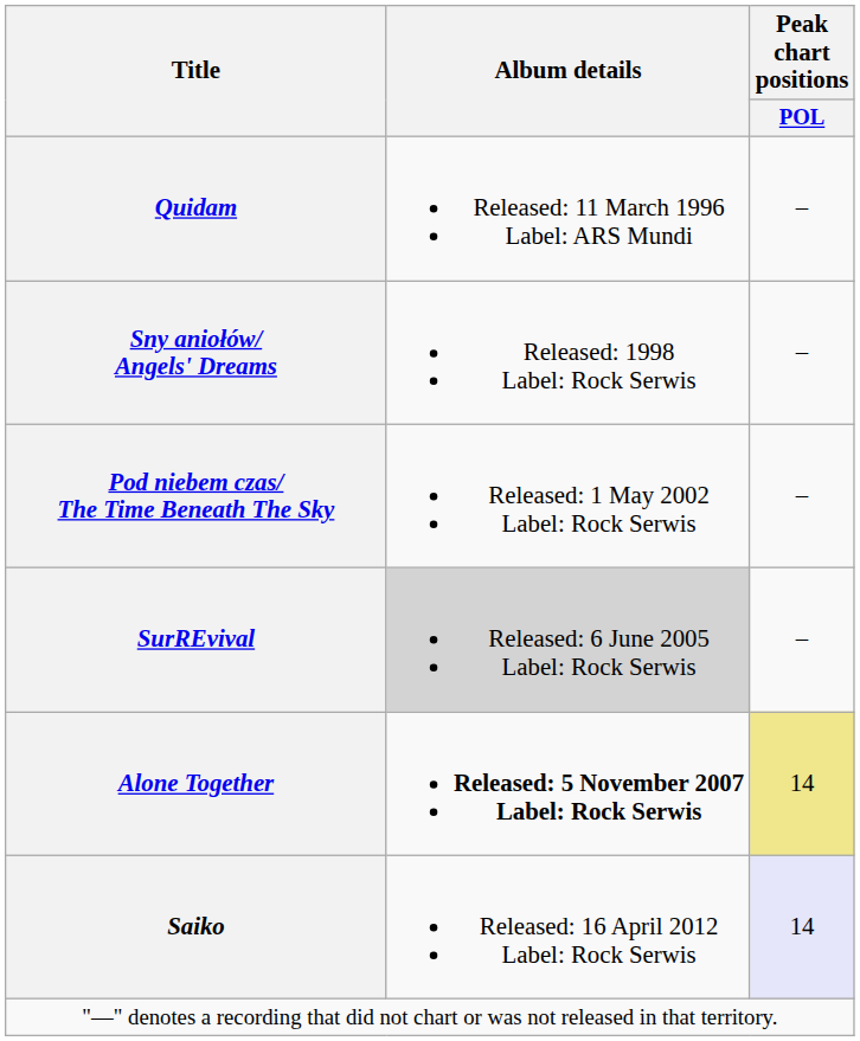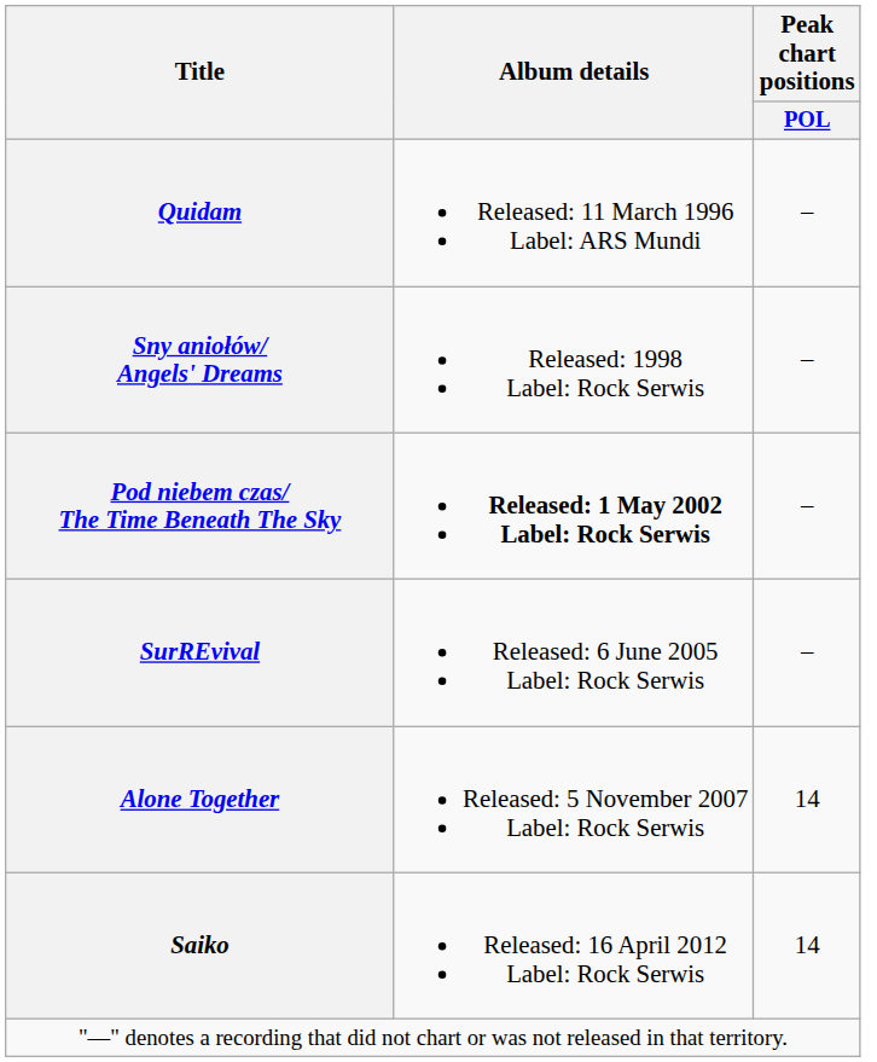 <table class="wikitable plainrowheaders" style="text-align:center;">
 <tr>
 <th scope="col" rowspan="2" style="width:15em;">Title</th>
 <th scope="col" rowspan="2">Album details</th>
 <th scope="col" colspan="1">Peak chart positions</th>
 </tr>
 <tr>
 <th scope="col" style="width:3em;font-size:90%;"><a href='#'>POL</a><br></th>
 </tr>
 <tr>
 <th scope="row"><em><a href='#'>Quidam</a></em></th>
 <td><br><ul><li>Released: 11 March 1996</li><li>Label: ARS Mundi</li></ul></td>
 <td>–</td>
 </tr>
 <tr>
 <th scope="row"><em><a href='#'>Sny aniołów/<br>Angels' Dreams</a></em></th>
 <td><br><ul><li>Released: 1998</li><li>Label: Rock Serwis</li></ul></td>
 <td>–</td>
 </tr>
 <tr>
 <th scope="row"><em><a href='#'>Pod niebem czas/<br>The Time Beneath The Sky</a></em></th>
-<td><br><ul><li>Released: 1 May 2002</li><li>Label: Rock Serwis</li></ul></td>
+<td><strong><br><ul><li>Released: 1 May 2002</li><li>Label: Rock Serwis</li></ul></strong></td>
 <td>–</td>
 </tr>
 <tr>
 <th scope="row"><em><a href='#'>SurREvival</a></em></th>
-<td style="background: lightgrey;"><br><ul><li>Released: 6 June 2005</li><li>Label: Rock Serwis</li></ul></td>
+<td><br><ul><li>Released: 6 June 2005</li><li>Label: Rock Serwis</li></ul></td>
 <td>–</td>
 </tr>
 <tr>
 <th scope="row"><em><a href='#'>Alone Together</a></em></th>
-<td><strong><br><ul><li>Released: 5 November 2007</li><li>Label: Rock Serwis</li></ul></strong></td>
-<td style="background: khaki;">14</td>
+<td><br><ul><li>Released: 5 November 2007</li><li>Label: Rock Serwis</li></ul></td>
+<td>14</td>
 </tr>
 <tr>
 <th scope="row"><em>Saiko</em></th>
 <td><br><ul><li>Released: 16 April 2012</li><li>Label:  Rock Serwis</li></ul></td>
-<td style="background: lavender;">14</td>
+<td>14</td>
 </tr>
 <tr>
 <td colspan="15" style="font-size:90%">"—" denotes a recording that did not chart or was not released in that territory.</td>
 </tr>
 </table>
